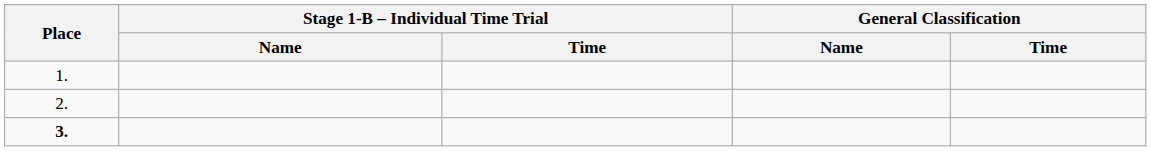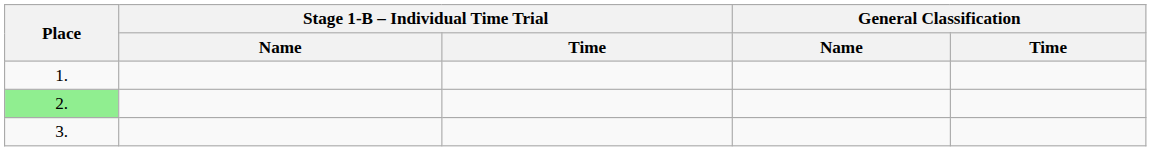 <table class=wikitable style="font-size:95%" width="80%">
 <tr>
 <th rowspan="2">Place</th>
 <th colspan="2">Stage 1-B – Individual Time Trial</th>
 <th colspan="2">General Classification</th>
 </tr>
 <tr>
 <th>Name</th>
 <th>Time</th>
 <th>Name</th>
 <th>Time</th>
 </tr>
 <tr>
 <td align="center">1.</td>
 <td></td>
 <td></td>
 <td></td>
 <td></td>
 </tr>
 <tr>
-<td align="center">2.</td>
+<td align="center" style="background: lightgreen;">2.</td>
 <td></td>
 <td></td>
 <td></td>
 <td></td>
 </tr>
 <tr>
-<td align="center"><strong>3.</strong></td>
+<td align="center">3.</td>
 <td></td>
 <td></td>
 <td></td>
 <td></td>
 </tr>
 </table>
